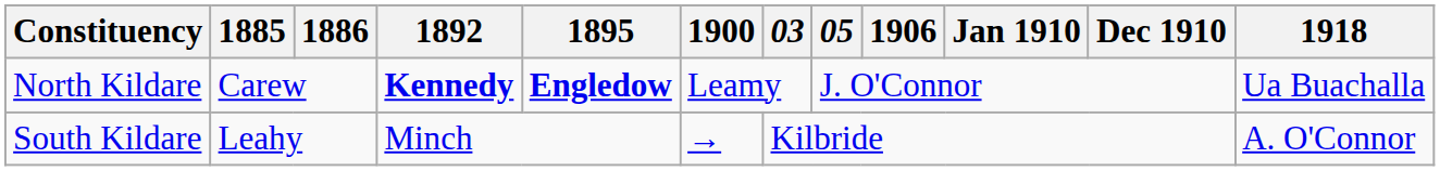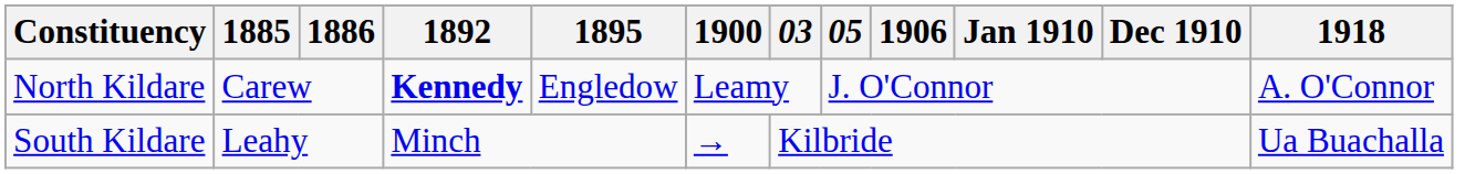 <table class="wikitable">
 <tr>
 <th>Constituency</th>
 <th>1885</th>
 <th>1886</th>
 <th>1892</th>
 <th>1895</th>
 <th>1900</th>
 <th><em>03</em></th>
 <th><em>05</em></th>
 <th>1906</th>
 <th>Jan 1910</th>
 <th>Dec 1910</th>
 <th>1918</th>
 </tr>
 <tr>
 <td><a href='#'>North Kildare</a></td>
 <td colspan="2"><a href='#'>Carew</a></td>
 <td><strong><a href='#'>Kennedy</a></strong></td>
-<td><strong><a href='#'>Engledow</a></strong></td>
+<td><a href='#'>Engledow</a></td>
 <td colspan="2"><a href='#'>Leamy</a></td>
 <td colspan="4"><a href='#'>J. O'Connor</a></td>
-<td><a href='#'>Ua Buachalla</a></td>
+<td><a href='#'>A. O'Connor</a></td>
 </tr>
 <tr>
 <td><a href='#'>South Kildare</a></td>
 <td colspan="2"><a href='#'>Leahy</a></td>
 <td colspan="2"><a href='#'>Minch</a></td>
 <td><a href='#'>→</a></td>
 <td colspan="5"><a href='#'>Kilbride</a></td>
-<td><a href='#'>A. O'Connor</a></td>
+<td><a href='#'>Ua Buachalla</a></td>
 </tr>
 </table>
